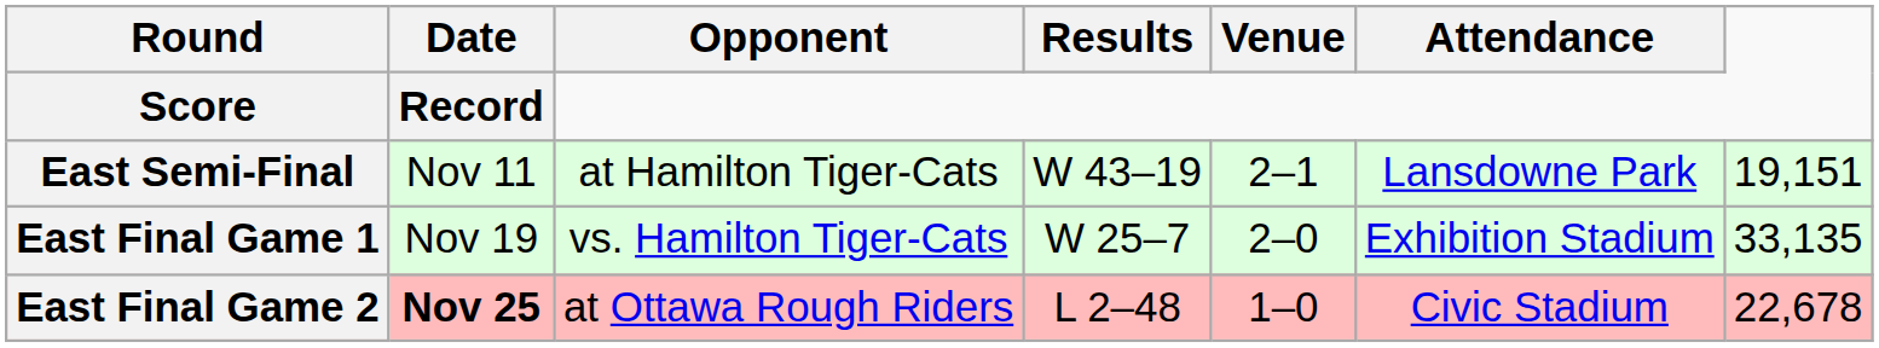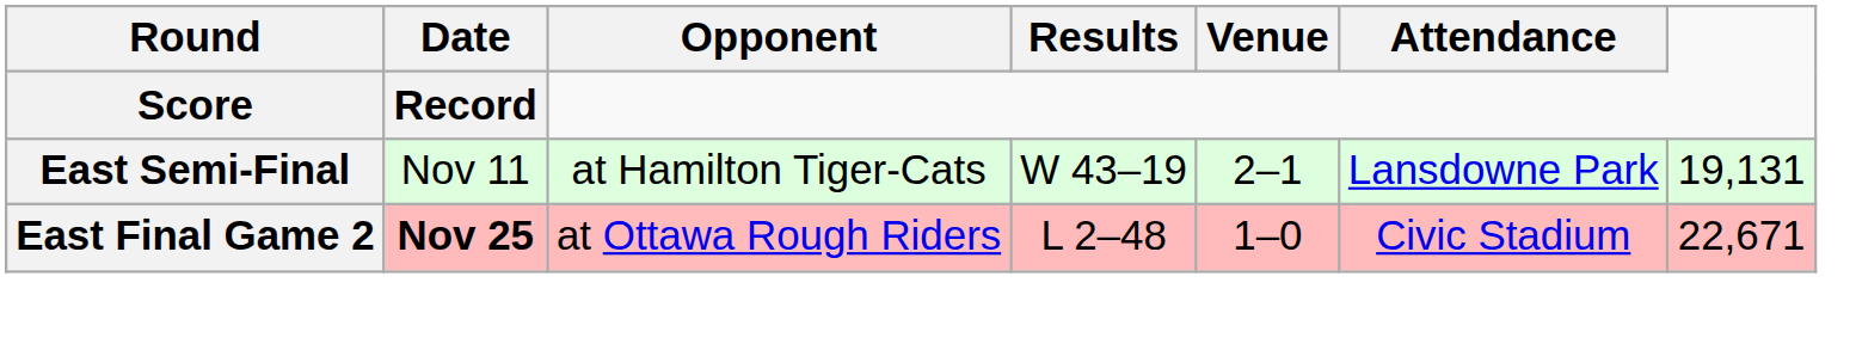 <table class="wikitable" style="text-align:center">
 <tr>
 <th>Round</th>
 <th>Date</th>
 <th>Opponent</th>
 <th>Results</th>
 <th>Venue</th>
 <th>Attendance</th>
 </tr>
 <tr>
 <th>Score</th>
 <th>Record</th>
 </tr>
 <tr style="background:#ddffdd">
 <th>East Semi-Final</th>
 <td>Nov 11</td>
 <td>at Hamilton Tiger-Cats</td>
 <td>W 43–19</td>
 <td>2–1</td>
 <td><a href='#'>Lansdowne Park</a></td>
-<td>19,151</td>
-</tr>
-<tr style="background:#ddffdd">
-<th>East Final Game 1</th>
-<td>Nov 19</td>
-<td>vs. <a href='#'>Hamilton Tiger-Cats</a></td>
-<td>W 25–7</td>
-<td>2–0</td>
-<td><a href='#'>Exhibition Stadium</a></td>
-<td>33,135</td>
+<td>19,131</td>
 </tr>
 <tr style="background:#ffbbbb">
 <th>East Final Game 2</th>
 <td><strong>Nov 25</strong></td>
 <td>at <a href='#'>Ottawa Rough Riders</a></td>
 <td>L 2–48 </td>
 <td>1–0</td>
 <td><a href='#'>Civic Stadium</a></td>
-<td>22,678</td>
+<td>22,671</td>
 </tr>
 </table>
